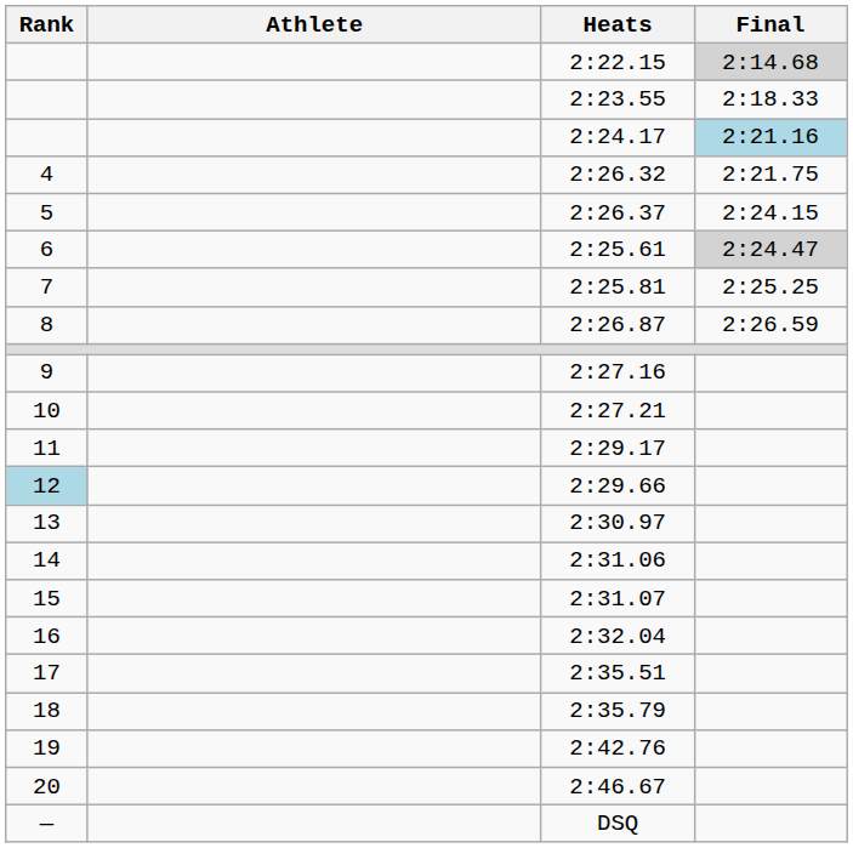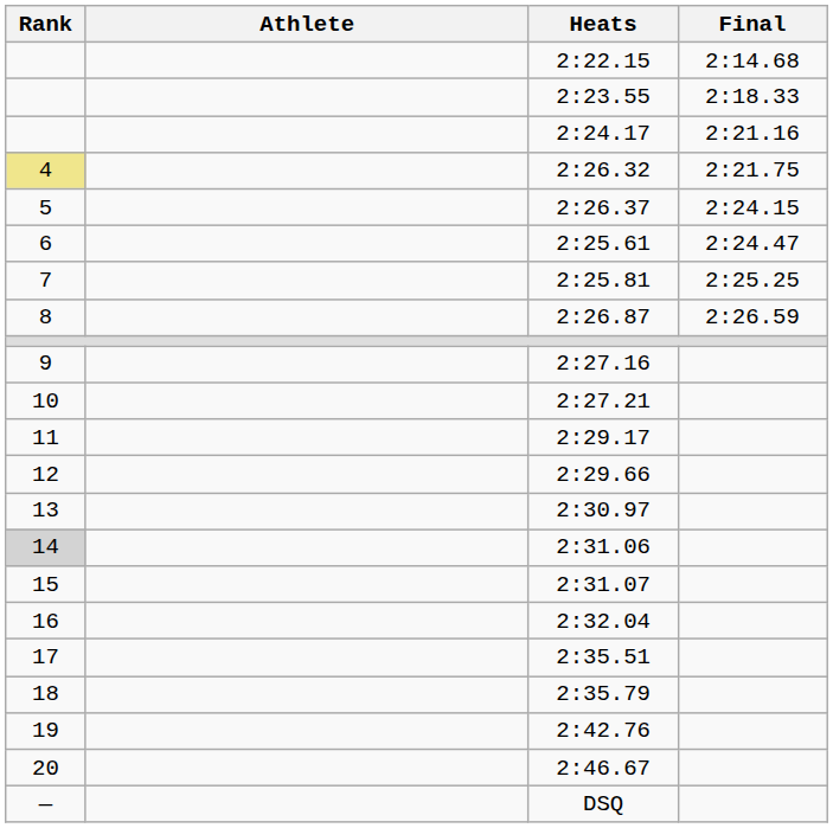 <table class=wikitable style="text-align:center">
 <tr>
 <th width=40>Rank</th>
 <th width=250>Athlete</th>
 <th width=80>Heats</th>
 <th width=80>Final</th>
 </tr>
 <tr>
 <td></td>
 <td align=left></td>
 <td>2:22.15</td>
-<td style="background: lightgrey;">2:14.68</td>
+<td>2:14.68</td>
 </tr>
 <tr>
 <td></td>
 <td align=left></td>
 <td>2:23.55</td>
 <td>2:18.33</td>
 </tr>
 <tr>
 <td></td>
 <td align=left></td>
 <td>2:24.17</td>
-<td style="background: lightblue;">2:21.16</td>
+<td>2:21.16</td>
 </tr>
 <tr>
-<td>4</td>
+<td style="background: khaki;">4</td>
 <td align=left></td>
 <td>2:26.32</td>
 <td>2:21.75</td>
 </tr>
 <tr>
 <td>5</td>
 <td align=left></td>
 <td>2:26.37</td>
 <td>2:24.15</td>
 </tr>
 <tr>
 <td>6</td>
 <td align=left></td>
 <td>2:25.61</td>
-<td style="background: lightgrey;">2:24.47</td>
+<td>2:24.47</td>
 </tr>
 <tr>
 <td>7</td>
 <td align=left></td>
 <td>2:25.81</td>
 <td>2:25.25</td>
 </tr>
 <tr>
 <td>8</td>
 <td align=left></td>
 <td>2:26.87</td>
 <td>2:26.59</td>
 </tr>
 <tr bgcolor=#DDDDDD>
 <td colspan=4></td>
 </tr>
 <tr>
 <td>9</td>
 <td align=left></td>
 <td>2:27.16</td>
 <td></td>
 </tr>
 <tr>
 <td>10</td>
 <td align=left></td>
 <td>2:27.21</td>
 <td></td>
 </tr>
 <tr>
 <td>11</td>
 <td align=left></td>
 <td>2:29.17</td>
 <td></td>
 </tr>
 <tr>
-<td style="background: lightblue;">12</td>
+<td>12</td>
 <td align=left></td>
 <td>2:29.66</td>
 <td></td>
 </tr>
 <tr>
 <td>13</td>
 <td align=left></td>
 <td>2:30.97</td>
 <td></td>
 </tr>
 <tr>
-<td>14</td>
+<td style="background: lightgrey;">14</td>
 <td align=left></td>
 <td>2:31.06</td>
 <td></td>
 </tr>
 <tr>
 <td>15</td>
 <td align=left></td>
 <td>2:31.07</td>
 <td></td>
 </tr>
 <tr>
 <td>16</td>
 <td align=left></td>
 <td>2:32.04</td>
 <td></td>
 </tr>
 <tr>
 <td>17</td>
 <td align=left></td>
 <td>2:35.51</td>
 <td></td>
 </tr>
 <tr>
 <td>18</td>
 <td align=left></td>
 <td>2:35.79</td>
 <td></td>
 </tr>
 <tr>
 <td>19</td>
 <td align=left></td>
 <td>2:42.76</td>
 <td></td>
 </tr>
 <tr>
 <td>20</td>
 <td align=left></td>
 <td>2:46.67</td>
 <td></td>
 </tr>
 <tr>
 <td>—</td>
 <td align=left></td>
 <td>DSQ</td>
 <td></td>
 </tr>
 </table>
